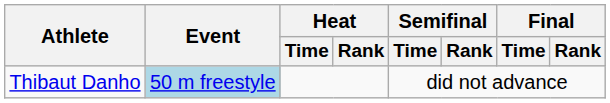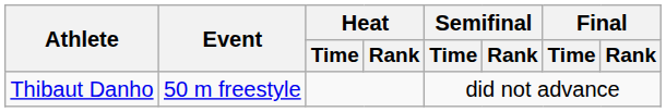 <table class="wikitable" style="text-align:center; font-size:90%">
 <tr>
 <th rowspan="2">Athlete</th>
 <th rowspan="2">Event</th>
 <th colspan="2">Heat</th>
 <th colspan="2">Semifinal</th>
 <th colspan="2">Final</th>
 </tr>
 <tr style="font-size:95%">
 <th>Time</th>
 <th>Rank</th>
 <th>Time</th>
 <th>Rank</th>
 <th>Time</th>
 <th>Rank</th>
 </tr>
 <tr>
 <td align=left rowspan=2><a href='#'>Thibaut Danho</a></td>
-<td align=left style="background: lightblue;"><a href='#'>50 m freestyle</a></td>
+<td align=left><a href='#'>50 m freestyle</a></td>
 <td colspan=2></td>
 <td colspan=4>did not advance</td>
 </tr>
 </table>
